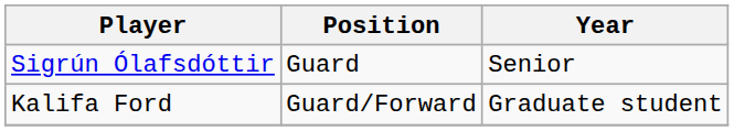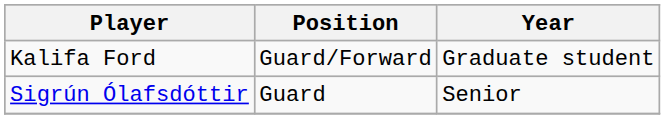 <table class="wikitable" border="1">
 <tr align=center>
 <th>Player</th>
 <th>Position</th>
 <th>Year</th>
 </tr>
 <tr>
+<td>Kalifa Ford</td>
+<td>Guard/Forward</td>
+<td>Graduate student</td>
+</tr>
+<tr>
 <td><a href='#'>Sigrún Ólafsdóttir</a></td>
 <td>Guard</td>
 <td>Senior</td>
 </tr>
 <tr>
-<td>Kalifa Ford</td>
-<td>Guard/Forward</td>
-<td>Graduate student</td>
-</tr>
-<tr>
 </tr>
 </table>
